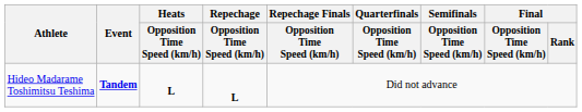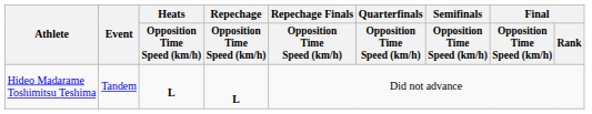 <table class="wikitable" style="font-size:90%">
 <tr>
 <th rowspan="2">Athlete</th>
 <th rowspan="2">Event</th>
 <th>Heats</th>
 <th>Repechage</th>
 <th>Repechage Finals</th>
 <th>Quarterfinals</th>
 <th>Semifinals</th>
 <th colspan=2>Final</th>
 </tr>
 <tr style="font-size:95%">
 <th>Opposition<br>Time<br>Speed (km/h)</th>
 <th>Opposition<br>Time<br>Speed (km/h)</th>
 <th>Opposition<br>Time<br>Speed (km/h)</th>
 <th>Opposition<br>Time<br>Speed (km/h)</th>
 <th>Opposition<br>Time<br>Speed (km/h)</th>
 <th>Opposition<br>Time<br>Speed (km/h)</th>
 <th>Rank</th>
 </tr>
 <tr align=center>
 <td align=left><a href='#'>Hideo Madarame</a><br><a href='#'>Toshimitsu Teshima</a></td>
-<td align=left><strong><a href='#'>Tandem</a></strong></td>
+<td align=left><a href='#'>Tandem</a></td>
 <td><br><strong>L</strong></td>
 <td><br><br><strong>L</strong></td>
 <td colspan=8>Did not advance</td>
 </tr>
 </table>
